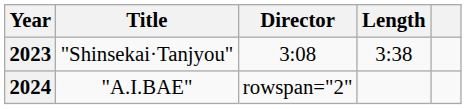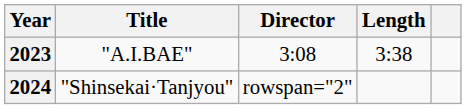 <table class="wikitable plainrowheaders" style="text-align:center">
 <tr>
 <th scope="col">Year</th>
 <th scope="col">Title</th>
 <th scope="col">Director</th>
 <th scope="col">Length</th>
 <th scope="col" style="width:1em;"></th>
 </tr>
 <tr>
 <th scope="row">2023</th>
-<td>"Shinsekai·Tanjyou"</td>
+<td>"A.I.BAE"</td>
 <td>3:08</td>
 <td>3:38</td>
 <td style="text-align:center"></td>
 </tr>
 <tr>
 <th scope="row">2024</th>
-<td>"A.I.BAE"</td>
+<td>"Shinsekai·Tanjyou"</td>
 <td>rowspan="2" </td>
 <td style="text-align:center"></td>
 </tr>
 </table>
